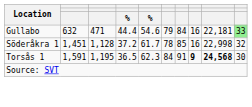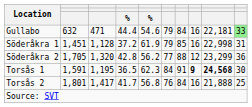 <table role="presentation" class="wikitable sortable mw-collapsible">
 <tr>
 <th rowspan="3">Location</th>
 <th></th>
 <th></th>
 <th></th>
 <th></th>
 <th></th>
 <th></th>
 <th></th>
 <th></th>
 <th></th>
 </tr>
 <tr>
 <th></th>
 <th></th>
 <th style="background:"></th>
 <th style="background:"></th>
 <th></th>
 <th></th>
 <th></th>
 <th></th>
 <th></th>
 </tr>
 <tr>
 <th data-sort-type="number"></th>
 <th data-sort-type="number"></th>
 <th data-sort-type="number">%</th>
 <th data-sort-type="number">%</th>
 <th data-sort-type="number"></th>
 <th data-sort-type="number"></th>
 <th data-sort-type="number"></th>
 <th data-sort-type="number"></th>
 <th data-sort-type="number"></th>
 </tr>
 <tr>
 <td align="left">Gullabo</td>
 <td>632</td>
 <td>471</td>
 <td>44.4</td>
 <td>54.6</td>
 <td>79</td>
 <td>84</td>
 <td>16</td>
 <td>22,181</td>
 <td style="background: lightgreen;">33</td>
 </tr>
 <tr>
 <td align="left">Söderåkra 1</td>
 <td>1,451</td>
 <td>1,128</td>
 <td>37.2</td>
-<td>61.7</td>
-<td>78</td>
+<td>61.9</td>
+<td>79</td>
 <td>85</td>
 <td>16</td>
 <td>22,998</td>
-<td>32</td>
+<td>31</td>
+</tr>
+<tr>
+<td align="left">Söderåkra 2</td>
+<td>1,705</td>
+<td>1,320</td>
+<td>42.8</td>
+<td>56.2</td>
+<td>77</td>
+<td>88</td>
+<td>12</td>
+<td>23,299</td>
+<td>36</td>
 </tr>
 <tr>
 <td align="left">Torsås 1</td>
 <td>1,591</td>
 <td>1,195</td>
 <td>36.5</td>
 <td>62.3</td>
 <td>84</td>
 <td>91</td>
 <td><strong>9</strong></td>
 <td><strong>24,568</strong></td>
 <td>30</td>
 </tr>
 <tr>
+<td align="left">Torsås 2</td>
+<td>1,801</td>
+<td>1,417</td>
+<td>41.7</td>
+<td>56.8</td>
+<td>76</td>
+<td>84</td>
+<td>16</td>
+<td>21,888</td>
+<td>25</td>
+</tr>
+<tr>
 <td colspan="10" align="left">Source: <a href='#'>SVT</a></td>
 </tr>
 </table>
